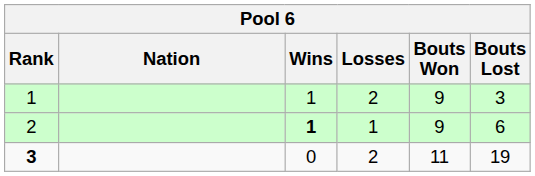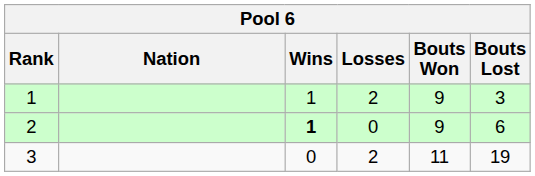 <table class="wikitable" style="text-align:center">
 <tr>
 <th colspan=6 align=center><strong>Pool 6</strong></th>
 </tr>
 <tr>
 <th width="20">Rank</th>
 <th width="190">Nation</th>
 <th width="20">Wins</th>
 <th width="20">Losses</th>
 <th width="20">Bouts Won</th>
 <th width="20">Bouts Lost</th>
 </tr>
 <tr bgcolor=ccffcc>
 <td>1</td>
 <td align=left></td>
 <td>1</td>
 <td>2</td>
 <td>9</td>
 <td>3</td>
 </tr>
 <tr bgcolor=ccffcc>
 <td>2</td>
 <td align=left></td>
 <td><strong>1</strong></td>
-<td>1</td>
+<td>0</td>
 <td>9</td>
 <td>6</td>
 </tr>
 <tr>
-<td><strong>3</strong></td>
+<td>3</td>
 <td align=left></td>
 <td>0</td>
 <td>2</td>
 <td>11</td>
 <td>19</td>
 </tr>
 </table>
